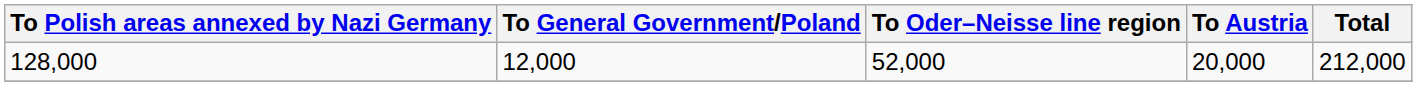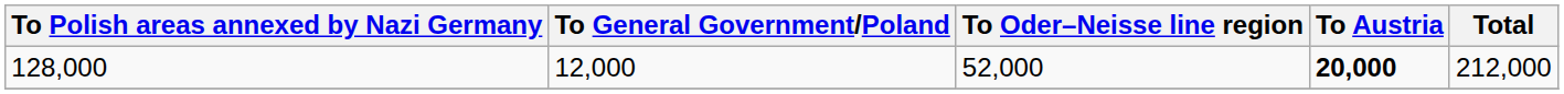 <table class="wikitable">
 <tr>
 <th>To <a href='#'>Polish areas annexed by Nazi Germany</a></th>
 <th>To <a href='#'>General Government</a>/<a href='#'>Poland</a></th>
 <th>To <a href='#'>Oder–Neisse line</a> region</th>
 <th>To <a href='#'>Austria</a></th>
 <th>Total</th>
 </tr>
 <tr>
 <td>128,000</td>
 <td>12,000</td>
 <td>52,000</td>
-<td>20,000</td>
+<td><strong>20,000</strong></td>
 <td>212,000</td>
 </tr>
 <tr>
 </tr>
 </table>
